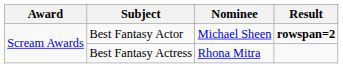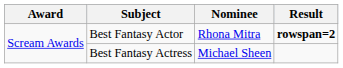 <table class="wikitable">
 <tr style="background:#b0c4de; text-align:center;">
 <th>Award</th>
 <th>Subject</th>
 <th>Nominee</th>
 <th>Result</th>
 </tr>
 <tr>
 <td rowspan=2><a href='#'>Scream Awards</a></td>
 <td>Best Fantasy Actor</td>
-<td><a href='#'>Michael Sheen</a></td>
+<td><a href='#'>Rhona Mitra</a></td>
 <td><strong>rowspan=2 </strong></td>
 </tr>
 <tr>
 <td>Best Fantasy Actress</td>
-<td><a href='#'>Rhona Mitra</a></td>
+<td><a href='#'>Michael Sheen</a></td>
 </tr>
 </table>
